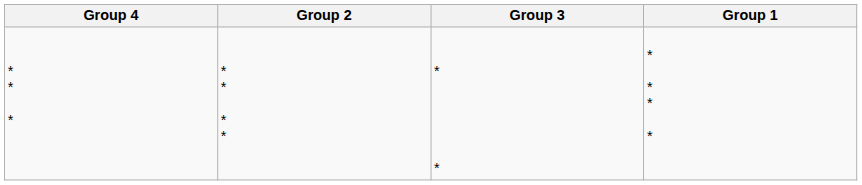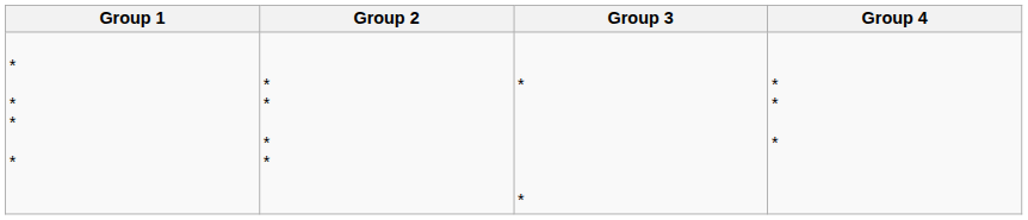 <table class="wikitable" width=75%>
 <tr>
-<th width=25%>Group 4</th>
+<th width=25%>Group 1</th>
 <th width=25%>Group 2</th>
 <th width=25%>Group 3</th>
-<th width=25%>Group 1</th>
+<th width=25%>Group 4</th>
 </tr>
 <tr>
-<td valign=top><br><br> <s></s>*<br> <s></s>*<br> <br> <s></s>*<br> <br> <br> </td>
+<td valign=top><br><s></s>*<br> <br> <s></s>*<br> <s></s>*<br> <br> <s></s>*</td>
 <td valign=top><br><br> <s></s>*<br> <s></s>*<br> <br> <s></s>*<br> <s></s>*<br> <br> </td>
 <td valign=top><br><br> <s></s>*<br> <br> <br> <br> <br> <br> <s></s>*</td>
-<td valign=top><br><s></s>*<br> <br> <s></s>*<br> <s></s>*<br> <br> <s></s>*</td>
+<td valign=top><br><br> <s></s>*<br> <s></s>*<br> <br> <s></s>*<br> <br> <br> </td>
 </tr>
 </table>
